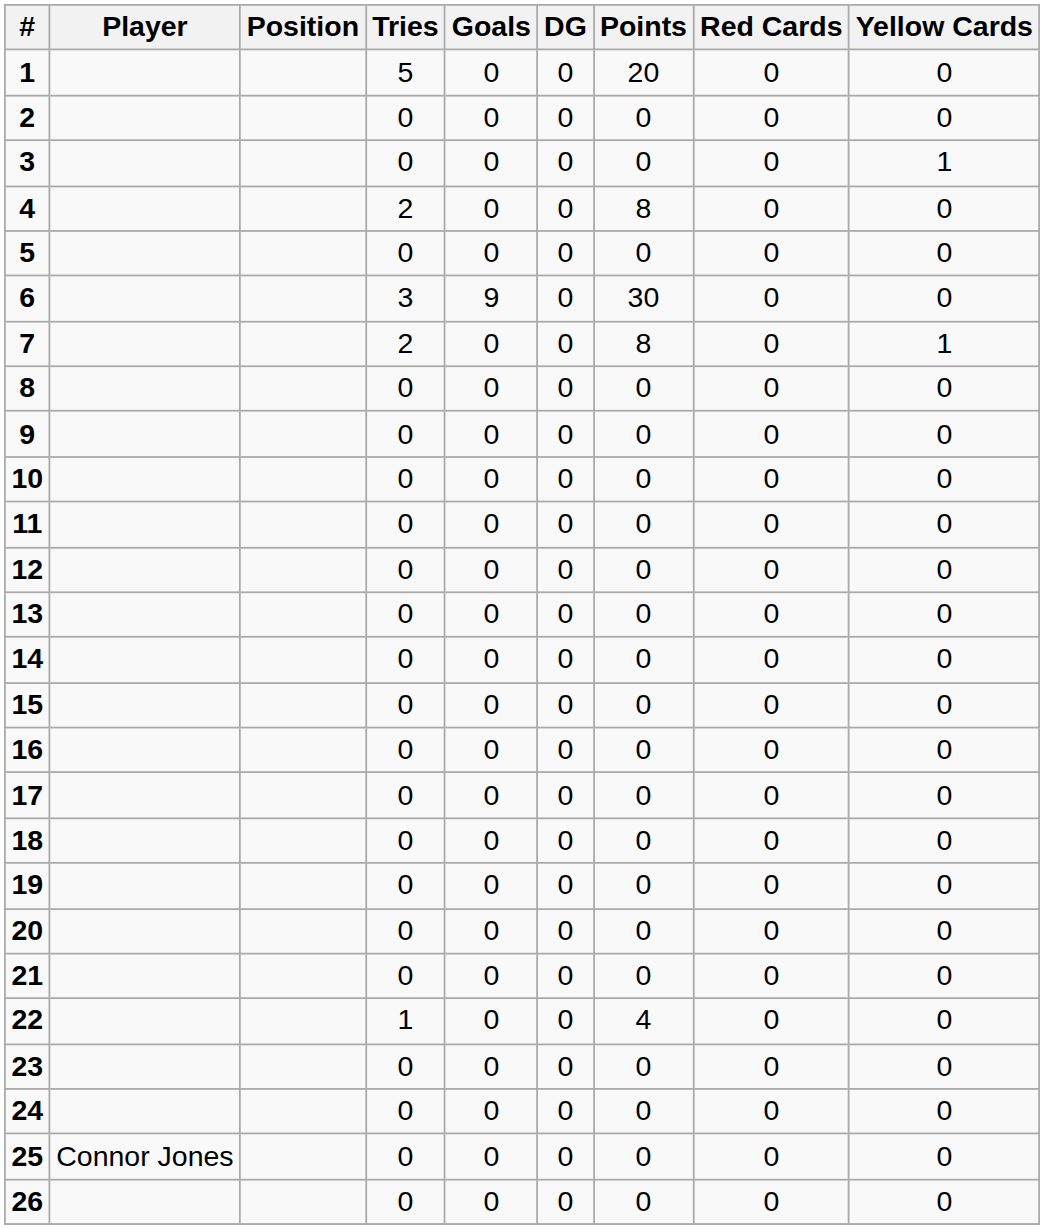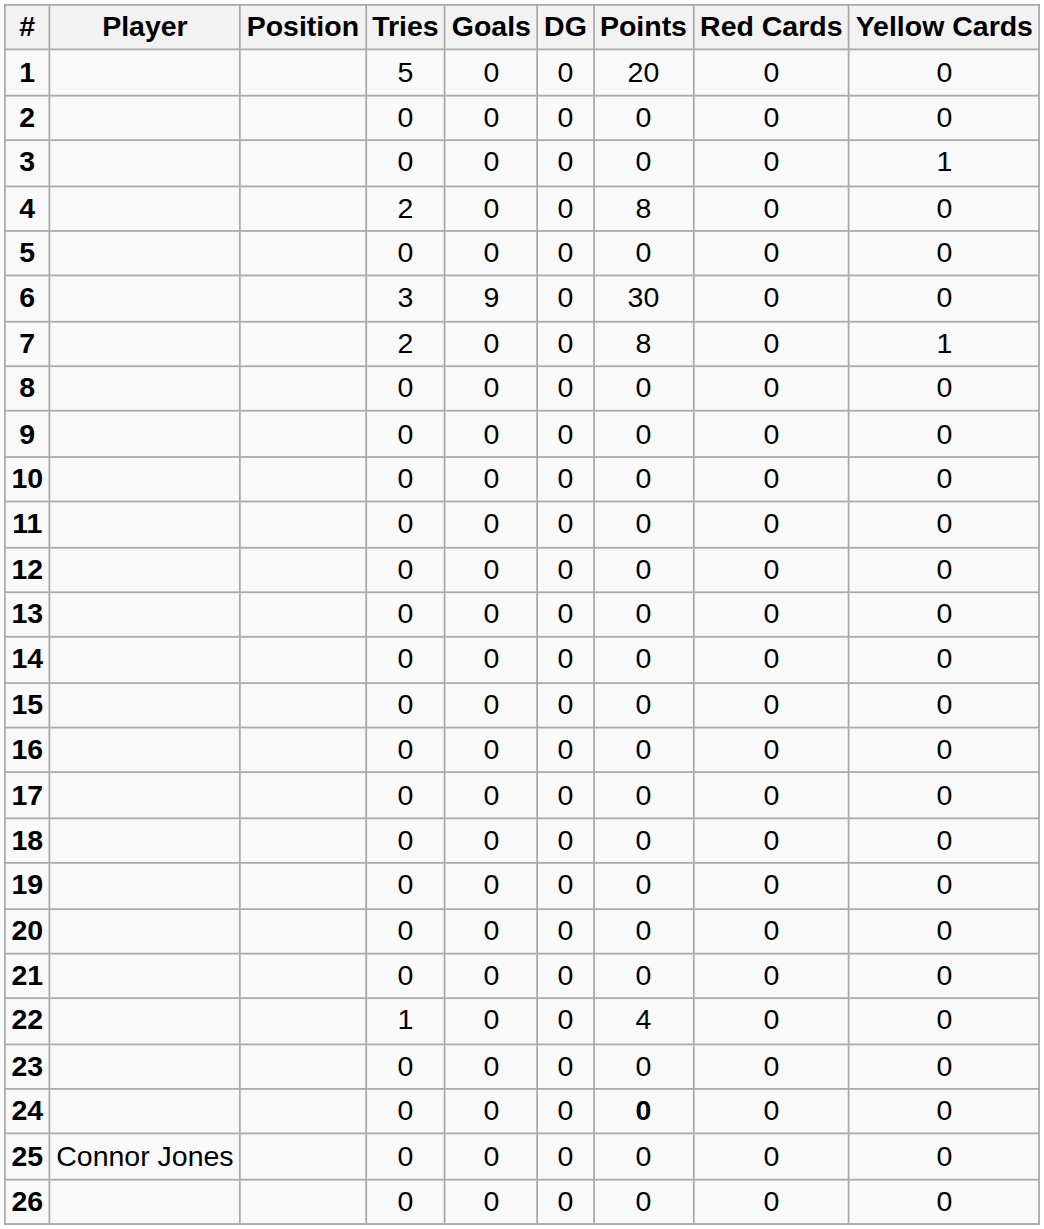 <table class="wikitable sortable" style="text-align:center;">
 <tr>
 <th>#</th>
 <th>Player</th>
 <th>Position</th>
 <th>Tries</th>
 <th>Goals</th>
 <th>DG</th>
 <th>Points</th>
 <th> Red Cards</th>
 <th> Yellow Cards</th>
 </tr>
 <tr>
 <td><strong>1</strong></td>
 <td style="text-align:left;"></td>
 <td></td>
 <td>5</td>
 <td>0</td>
 <td>0</td>
 <td>20</td>
 <td>0</td>
 <td>0</td>
 </tr>
 <tr>
 <td><strong>2</strong></td>
 <td style="text-align:left;"></td>
 <td></td>
 <td>0</td>
 <td>0</td>
 <td>0</td>
 <td>0</td>
 <td>0</td>
 <td>0</td>
 </tr>
 <tr>
 <td><strong>3</strong></td>
 <td style="text-align:left;"></td>
 <td></td>
 <td>0</td>
 <td>0</td>
 <td>0</td>
 <td>0</td>
 <td>0</td>
 <td>1</td>
 </tr>
 <tr>
 <td><strong>4</strong></td>
 <td style="text-align:left;"></td>
 <td></td>
 <td>2</td>
 <td>0</td>
 <td>0</td>
 <td>8</td>
 <td>0</td>
 <td>0</td>
 </tr>
 <tr>
 <td><strong>5</strong></td>
 <td style="text-align:left;"></td>
 <td></td>
 <td>0</td>
 <td>0</td>
 <td>0</td>
 <td>0</td>
 <td>0</td>
 <td>0</td>
 </tr>
 <tr>
 <td><strong>6</strong></td>
 <td style="text-align:left;"></td>
 <td></td>
 <td>3</td>
 <td>9</td>
 <td>0</td>
 <td>30</td>
 <td>0</td>
 <td>0</td>
 </tr>
 <tr>
 <td><strong>7</strong></td>
 <td style="text-align:left;"></td>
 <td></td>
 <td>2</td>
 <td>0</td>
 <td>0</td>
 <td>8</td>
 <td>0</td>
 <td>1</td>
 </tr>
 <tr>
 <td><strong>8</strong></td>
 <td style="text-align:left;"></td>
 <td></td>
 <td>0</td>
 <td>0</td>
 <td>0</td>
 <td>0</td>
 <td>0</td>
 <td>0</td>
 </tr>
 <tr>
 <td><strong>9</strong></td>
 <td style="text-align:left;"></td>
 <td></td>
 <td>0</td>
 <td>0</td>
 <td>0</td>
 <td>0</td>
 <td>0</td>
 <td>0</td>
 </tr>
 <tr>
 <td><strong>10</strong></td>
 <td style="text-align:left;"></td>
 <td></td>
 <td>0</td>
 <td>0</td>
 <td>0</td>
 <td>0</td>
 <td>0</td>
 <td>0</td>
 </tr>
 <tr>
 <td><strong>11</strong></td>
 <td style="text-align:left;"></td>
 <td></td>
 <td>0</td>
 <td>0</td>
 <td>0</td>
 <td>0</td>
 <td>0</td>
 <td>0</td>
 </tr>
 <tr>
 <td><strong>12</strong></td>
 <td style="text-align:left;"></td>
 <td></td>
 <td>0</td>
 <td>0</td>
 <td>0</td>
 <td>0</td>
 <td>0</td>
 <td>0</td>
 </tr>
 <tr>
 <td><strong>13</strong></td>
 <td style="text-align:left;"></td>
 <td></td>
 <td>0</td>
 <td>0</td>
 <td>0</td>
 <td>0</td>
 <td>0</td>
 <td>0</td>
 </tr>
 <tr>
 <td><strong>14</strong></td>
 <td style="text-align:left;"></td>
 <td></td>
 <td>0</td>
 <td>0</td>
 <td>0</td>
 <td>0</td>
 <td>0</td>
 <td>0</td>
 </tr>
 <tr>
 <td><strong>15</strong></td>
 <td style="text-align:left;"></td>
 <td></td>
 <td>0</td>
 <td>0</td>
 <td>0</td>
 <td>0</td>
 <td>0</td>
 <td>0</td>
 </tr>
 <tr>
 <td><strong>16</strong></td>
 <td style="text-align:left;"></td>
 <td></td>
 <td>0</td>
 <td>0</td>
 <td>0</td>
 <td>0</td>
 <td>0</td>
 <td>0</td>
 </tr>
 <tr>
 <td><strong>17</strong></td>
 <td style="text-align:left;"></td>
 <td></td>
 <td>0</td>
 <td>0</td>
 <td>0</td>
 <td>0</td>
 <td>0</td>
 <td>0</td>
 </tr>
 <tr>
 <td><strong>18</strong></td>
 <td style="text-align:left;"></td>
 <td></td>
 <td>0</td>
 <td>0</td>
 <td>0</td>
 <td>0</td>
 <td>0</td>
 <td>0</td>
 </tr>
 <tr>
 <td><strong>19</strong></td>
 <td style="text-align:left;"></td>
 <td></td>
 <td>0</td>
 <td>0</td>
 <td>0</td>
 <td>0</td>
 <td>0</td>
 <td>0</td>
 </tr>
 <tr>
 <td><strong>20</strong></td>
 <td style="text-align:left;"></td>
 <td></td>
 <td>0</td>
 <td>0</td>
 <td>0</td>
 <td>0</td>
 <td>0</td>
 <td>0</td>
 </tr>
 <tr>
 <td><strong>21</strong></td>
 <td style="text-align:left;"></td>
 <td></td>
 <td>0</td>
 <td>0</td>
 <td>0</td>
 <td>0</td>
 <td>0</td>
 <td>0</td>
 </tr>
 <tr>
 <td><strong>22</strong></td>
 <td style="text-align:left;"></td>
 <td></td>
 <td>1</td>
 <td>0</td>
 <td>0</td>
 <td>4</td>
 <td>0</td>
 <td>0</td>
 </tr>
 <tr>
 <td><strong>23</strong></td>
 <td style="text-align:left;"></td>
 <td></td>
 <td>0</td>
 <td>0</td>
 <td>0</td>
 <td>0</td>
 <td>0</td>
 <td>0</td>
 </tr>
 <tr>
 <td><strong>24</strong></td>
 <td style="text-align:left;"></td>
 <td></td>
 <td>0</td>
 <td>0</td>
 <td>0</td>
-<td>0</td>
+<td><strong>0</strong></td>
 <td>0</td>
 <td>0</td>
 </tr>
 <tr>
 <td><strong>25</strong></td>
 <td style="text-align:left;">Connor Jones</td>
 <td></td>
 <td>0</td>
 <td>0</td>
 <td>0</td>
 <td>0</td>
 <td>0</td>
 <td>0</td>
 </tr>
 <tr>
 <td><strong>26</strong></td>
 <td style="text-align:left;"></td>
 <td></td>
 <td>0</td>
 <td>0</td>
 <td>0</td>
 <td>0</td>
 <td>0</td>
 <td>0</td>
 </tr>
 <tr>
 </tr>
 </table>
